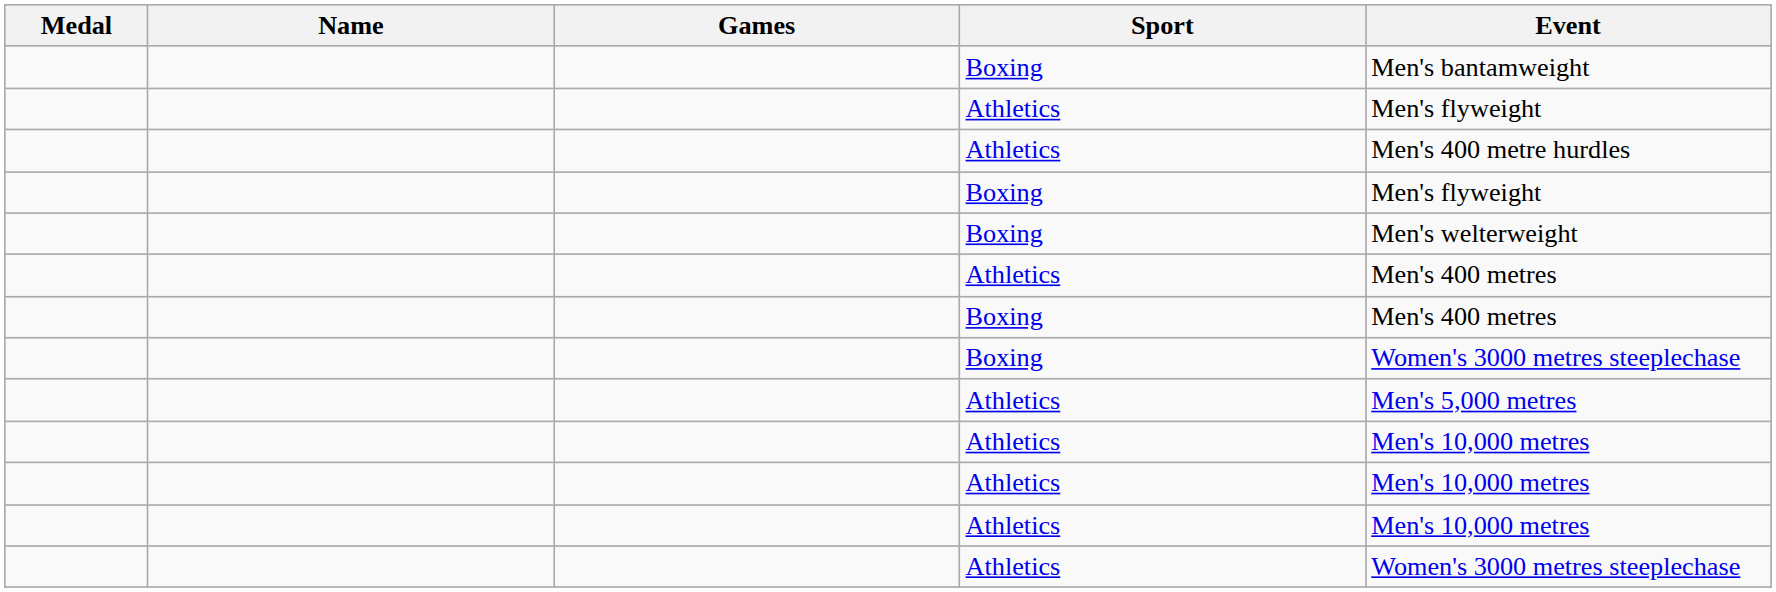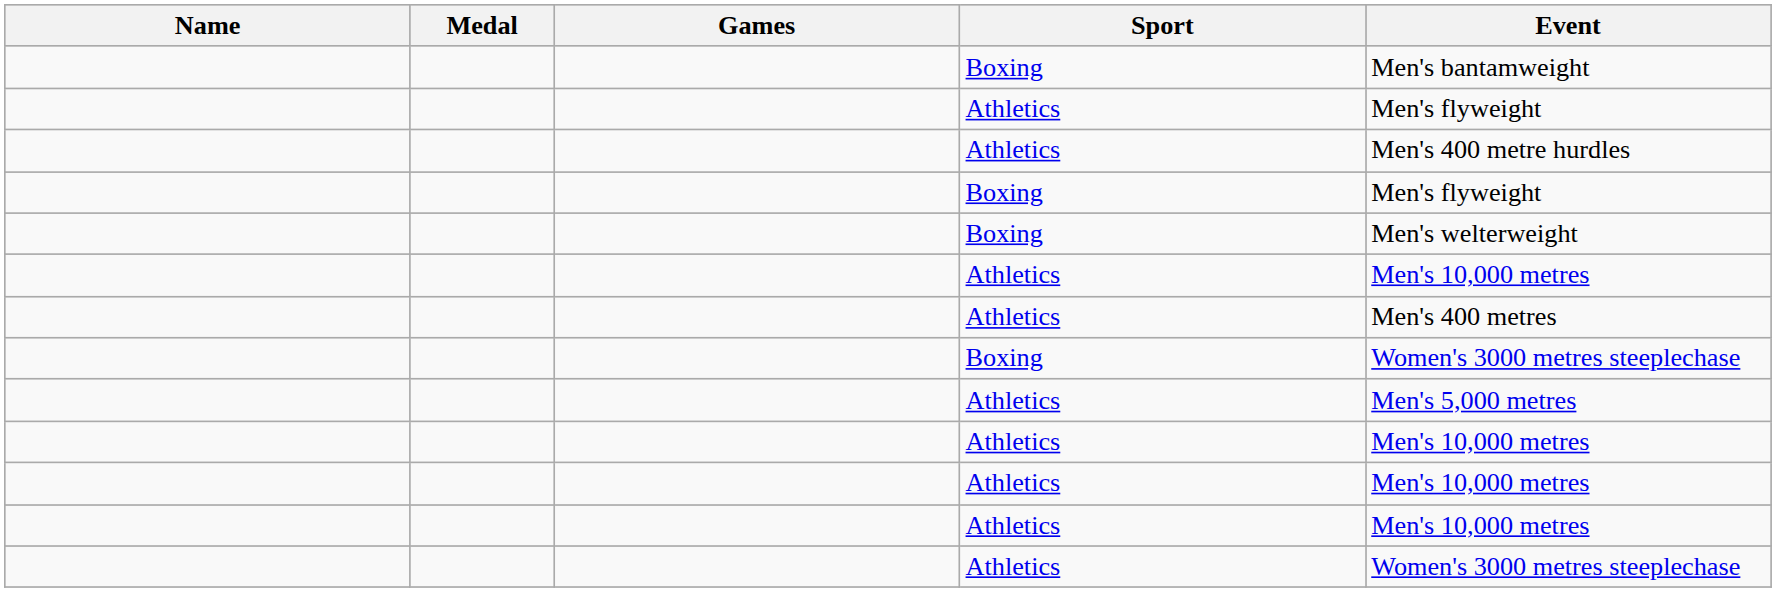 <table class="wikitable sortable">
 <tr>
+<th style="width:15em">Name</th>
 <th style="width:5em">Medal</th>
-<th style="width:15em">Name</th>
 <th style="width:15em">Games</th>
 <th style="width:15em">Sport</th>
 <th style="width:15em">Event</th>
 </tr>
 <tr>
 <td></td>
 <td></td>
 <td></td>
 <td> <a href='#'>Boxing</a></td>
 <td>Men's bantamweight</td>
 </tr>
 <tr>
 <td></td>
 <td></td>
 <td></td>
 <td> <a href='#'>Athletics</a></td>
 <td>Men's flyweight</td>
 </tr>
 <tr>
 <td></td>
 <td></td>
 <td></td>
 <td> <a href='#'>Athletics</a></td>
 <td>Men's 400 metre hurdles</td>
 </tr>
 <tr>
 <td></td>
 <td></td>
 <td></td>
 <td> <a href='#'>Boxing</a></td>
 <td>Men's flyweight</td>
 </tr>
 <tr>
 <td></td>
 <td></td>
 <td></td>
 <td> <a href='#'>Boxing</a></td>
 <td>Men's welterweight</td>
 </tr>
 <tr>
 <td></td>
 <td></td>
 <td></td>
 <td> <a href='#'>Athletics</a></td>
-<td>Men's 400 metres</td>
+<td><a href='#'>Men's 10,000 metres</a></td>
 </tr>
 <tr>
 <td></td>
 <td></td>
 <td></td>
-<td> <a href='#'>Boxing</a></td>
+<td> <a href='#'>Athletics</a></td>
 <td>Men's 400 metres</td>
 </tr>
 <tr>
 <td></td>
 <td></td>
 <td></td>
 <td> <a href='#'>Boxing</a></td>
 <td><a href='#'>Women's 3000 metres steeplechase</a></td>
 </tr>
 <tr>
 <td></td>
 <td></td>
 <td></td>
 <td> <a href='#'>Athletics</a></td>
 <td><a href='#'>Men's 5,000 metres</a></td>
 </tr>
 <tr>
 <td></td>
 <td></td>
 <td></td>
 <td> <a href='#'>Athletics</a></td>
 <td><a href='#'>Men's 10,000 metres</a></td>
 </tr>
 <tr>
 <td></td>
 <td></td>
 <td></td>
 <td> <a href='#'>Athletics</a></td>
 <td><a href='#'>Men's 10,000 metres</a></td>
 </tr>
 <tr>
 <td></td>
 <td></td>
 <td></td>
 <td> <a href='#'>Athletics</a></td>
 <td><a href='#'>Men's 10,000 metres</a></td>
 </tr>
 <tr>
 <td></td>
 <td></td>
 <td></td>
 <td> <a href='#'>Athletics</a></td>
 <td><a href='#'>Women's 3000 metres steeplechase</a></td>
 </tr>
 </table>
